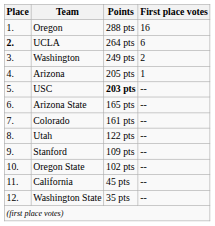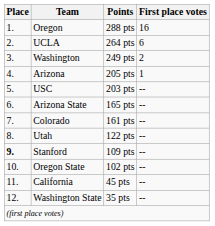 <table class="wikitable">
 <tr>
 <th>Place</th>
 <th>Team</th>
 <th>Points</th>
 <th>First place votes</th>
 </tr>
 <tr>
 <td>1.</td>
 <td>Oregon</td>
 <td>288 pts</td>
 <td>16</td>
 </tr>
 <tr>
-<td><strong>2.</strong></td>
+<td>2.</td>
 <td>UCLA</td>
 <td>264 pts</td>
 <td>6</td>
 </tr>
 <tr>
 <td>3.</td>
 <td>Washington</td>
 <td>249 pts</td>
 <td>2</td>
 </tr>
 <tr>
 <td>4.</td>
 <td>Arizona</td>
 <td>205 pts</td>
 <td>1</td>
 </tr>
 <tr>
 <td>5.</td>
 <td>USC</td>
-<td><strong>203 pts</strong></td>
+<td>203 pts</td>
 <td>--</td>
 </tr>
 <tr>
 <td>6.</td>
 <td>Arizona State</td>
 <td>165 pts</td>
 <td>--</td>
 </tr>
 <tr>
 <td>7.</td>
 <td>Colorado</td>
 <td>161 pts</td>
 <td>--</td>
 </tr>
 <tr>
 <td>8.</td>
 <td>Utah</td>
 <td>122 pts</td>
 <td>--</td>
 </tr>
 <tr>
-<td>9.</td>
+<td><strong>9.</strong></td>
 <td>Stanford</td>
 <td>109 pts</td>
 <td>--</td>
 </tr>
 <tr>
 <td>10.</td>
 <td>Oregon State</td>
 <td>102 pts</td>
 <td>--</td>
 </tr>
 <tr>
 <td>11.</td>
 <td>California</td>
 <td>45 pts</td>
 <td>--</td>
 </tr>
 <tr>
 <td>12.</td>
 <td>Washington State</td>
 <td>35 pts</td>
 <td>--</td>
 </tr>
 <tr>
 <td colspan="4" valign="middle"><small><em>(first place votes)</em></small></td>
 </tr>
 </table>
